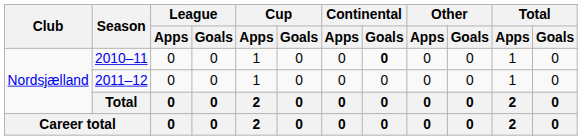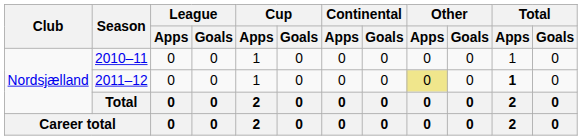 <table class="wikitable" style="text-align:center">
 <tr>
 <th rowspan="2">Club</th>
 <th rowspan="2">Season</th>
 <th colspan="2">League</th>
 <th colspan="2">Cup</th>
 <th colspan="2">Continental</th>
 <th colspan="2">Other</th>
 <th colspan="2">Total</th>
 </tr>
 <tr>
 <th>Apps</th>
 <th>Goals</th>
 <th>Apps</th>
 <th>Goals</th>
 <th>Apps</th>
 <th>Goals</th>
 <th>Apps</th>
 <th>Goals</th>
 <th>Apps</th>
 <th>Goals</th>
 </tr>
 <tr>
 <td rowspan="3"><a href='#'>Nordsjælland</a></td>
 <td><a href='#'>2010–11</a></td>
 <td>0</td>
 <td>0</td>
 <td>1</td>
 <td>0</td>
 <td>0</td>
-<td><strong>0</strong></td>
+<td>0</td>
 <td>0</td>
 <td>0</td>
 <td>1</td>
 <td>0</td>
 </tr>
 <tr>
 <td><a href='#'>2011–12</a></td>
 <td>0</td>
 <td>0</td>
 <td>1</td>
 <td>0</td>
 <td>0</td>
 <td>0</td>
+<td style="background: khaki;">0</td>
 <td>0</td>
-<td>0</td>
-<td>1</td>
+<td><strong>1</strong></td>
 <td>0</td>
 </tr>
 <tr>
 <th>Total</th>
 <th>0</th>
 <th>0</th>
 <th>2</th>
 <th>0</th>
 <th>0</th>
 <th>0</th>
 <th>0</th>
 <th>0</th>
 <th>2</th>
 <th>0</th>
 </tr>
 <tr>
 <th colspan="2">Career total</th>
 <th>0</th>
 <th>0</th>
 <th>2</th>
 <th>0</th>
 <th>0</th>
 <th>0</th>
 <th>0</th>
 <th>0</th>
 <th>2</th>
 <th>0</th>
 </tr>
 </table>
